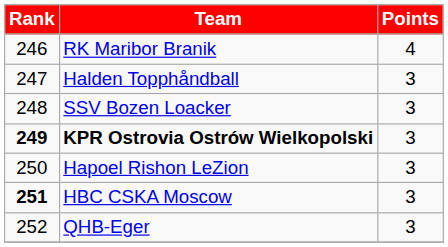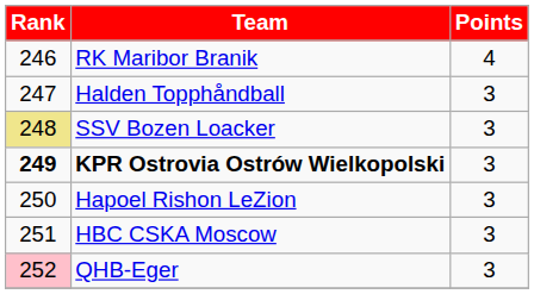 <table class="wikitable" style="text-align: center">
 <tr>
 <th style="color:#FFFFFF; background:#FF0000">Rank</th>
 <th style="color:#FFFFFF; background:#FF0000">Team</th>
 <th style="color:#FFFFFF; background:#FF0000">Points</th>
 </tr>
 <tr>
 <td>246</td>
 <td align=left> <a href='#'>RK Maribor Branik</a></td>
 <td>4</td>
 </tr>
 <tr>
 <td>247</td>
 <td align=left> <a href='#'>Halden Topphåndball</a></td>
 <td>3</td>
 </tr>
 <tr>
-<td>248</td>
+<td style="background: khaki;">248</td>
 <td align=left> <a href='#'>SSV Bozen Loacker</a></td>
 <td>3</td>
 </tr>
 <tr>
 <td><strong>249</strong></td>
 <td align=left> <strong>KPR Ostrovia Ostrów Wielkopolski</strong></td>
 <td>3</td>
 </tr>
 <tr>
 <td>250</td>
 <td align=left> <a href='#'>Hapoel Rishon LeZion</a></td>
 <td>3</td>
 </tr>
 <tr>
-<td><strong>251</strong></td>
+<td>251</td>
 <td align=left> <a href='#'>HBC CSKA Moscow</a></td>
 <td>3</td>
 </tr>
 <tr>
-<td>252</td>
+<td style="background: pink;">252</td>
 <td align=left> <a href='#'>QHB-Eger</a></td>
 <td>3</td>
 </tr>
 <tr>
 </tr>
 </table>
